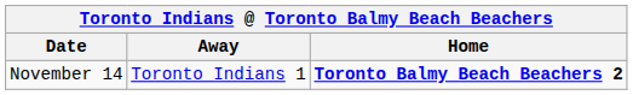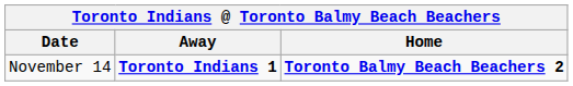 <table class="wikitable">
 <tr>
 <th colspan=4><a href='#'>Toronto Indians</a> @ <a href='#'>Toronto Balmy Beach Beachers</a></th>
 </tr>
 <tr>
 <th>Date</th>
 <th>Away</th>
 <th>Home</th>
 </tr>
 <tr>
 <td>November 14</td>
-<td><a href='#'>Toronto Indians</a> 1</td>
+<td><strong><a href='#'>Toronto Indians</a> 1</strong></td>
 <td><strong><a href='#'>Toronto Balmy Beach Beachers</a> 2</strong></td>
 </tr>
 </table>
